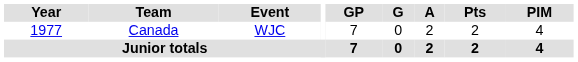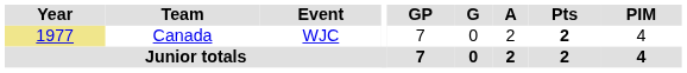 <table border="0" cellpadding="1" cellspacing="0" ID="Table3" style="text-align:center; width:40em">
 <tr bgcolor="#e0e0e0">
 <th>Year</th>
 <th>Team</th>
 <th>Event</th>
 <th rowspan="102" bgcolor="#ffffff"></th>
 <th>GP</th>
 <th>G</th>
 <th>A</th>
 <th>Pts</th>
 <th>PIM</th>
 </tr>
 <tr>
-<td><a href='#'>1977</a></td>
+<td style="background: khaki;"><a href='#'>1977</a></td>
 <td><a href='#'>Canada</a></td>
 <td><a href='#'>WJC</a></td>
 <td>7</td>
 <td>0</td>
 <td>2</td>
-<td>2</td>
+<td><strong>2</strong></td>
 <td>4</td>
 </tr>
 <tr bgcolor="#e0e0e0">
 <th colspan="4">Junior totals</th>
 <th>7</th>
 <th>0</th>
 <th>2</th>
 <th>2</th>
 <th>4</th>
 </tr>
 </table>
